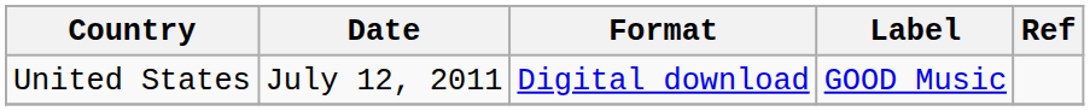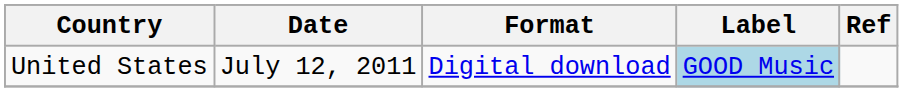 <table class="wikitable">
 <tr>
 <th>Country</th>
 <th>Date</th>
 <th>Format</th>
 <th>Label</th>
 <th>Ref</th>
 </tr>
 <tr>
 <td>United States</td>
 <td rowspan="1">July 12, 2011</td>
 <td rowspan="1"><a href='#'>Digital download</a></td>
-<td rowspan="1"><a href='#'>GOOD Music</a></td>
+<td rowspan="1" style="background: lightblue;"><a href='#'>GOOD Music</a></td>
 <td></td>
 </tr>
 <tr>
 </tr>
 </table>
